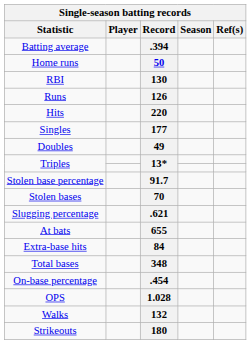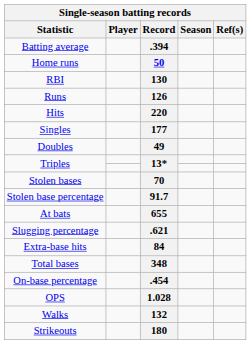 <table class="wikitable" style="text-align:center">
 <tr>
 <th colspan=5>Single-season batting records</th>
 </tr>
 <tr>
 <th scope="col">Statistic</th>
 <th scope="col">Player</th>
 <th scope="col" class="unsortable">Record</th>
 <th scope="col">Season</th>
 <th scope="col" class="unsortable">Ref(s)</th>
 </tr>
 <tr>
 <td><a href='#'>Batting average</a></td>
 <td></td>
 <th scope="row">.394</th>
 <td></td>
 <td></td>
 </tr>
 <tr>
 <td><a href='#'>Home runs</a></td>
 <td></td>
 <th scope="row"><a href='#'>50</a></th>
 <td></td>
 <td></td>
 </tr>
 <tr>
 <td><a href='#'>RBI</a></td>
 <td></td>
 <th scope="row">130</th>
 <td></td>
 <td></td>
 </tr>
 <tr>
 <td><a href='#'>Runs</a></td>
 <td></td>
 <th scope="row">126</th>
 <td></td>
 <td></td>
 </tr>
 <tr>
 <td><a href='#'>Hits</a></td>
 <td></td>
 <th scope="row">220</th>
 <td></td>
 <td></td>
 </tr>
 <tr>
 <td><a href='#'>Singles</a></td>
 <td></td>
 <th scope="row">177</th>
 <td></td>
 <td></td>
 </tr>
 <tr>
 <td><a href='#'>Doubles</a></td>
 <td></td>
 <th scope="row">49</th>
 <td></td>
 <td></td>
 </tr>
 <tr>
 <td rowspan=2><a href='#'>Triples</a></td>
 <td></td>
 <th scope="row" rowspan=2>13*</th>
 <td></td>
 <td></td>
 </tr>
 <tr>
 <td></td>
 <td></td>
 <td></td>
 </tr>
 <tr>
+<td><a href='#'>Stolen bases</a></td>
+<td></td>
+<th scope="row">70</th>
+<td></td>
+<td></td>
+</tr>
+<tr>
 <td><a href='#'>Stolen base percentage</a></td>
 <td></td>
 <th scope="row">91.7</th>
 <td></td>
 <td></td>
 </tr>
 <tr>
-<td><a href='#'>Stolen bases</a></td>
+<td><a href='#'>At bats</a></td>
 <td></td>
-<th scope="row">70</th>
+<th scope="row">655</th>
 <td></td>
 <td></td>
 </tr>
 <tr>
 <td><a href='#'>Slugging percentage</a></td>
 <td></td>
 <th scope="row">.621</th>
-<td></td>
-<td></td>
-</tr>
-<tr>
-<td><a href='#'>At bats</a></td>
-<td></td>
-<th scope="row">655</th>
 <td></td>
 <td></td>
 </tr>
 <tr>
 <td><a href='#'>Extra-base hits</a></td>
 <td></td>
 <th scope="row">84</th>
 <td></td>
 <td></td>
 </tr>
 <tr>
 <td><a href='#'>Total bases</a></td>
 <td></td>
 <th scope="row">348</th>
 <td></td>
 <td></td>
 </tr>
 <tr>
 <td><a href='#'>On-base percentage</a></td>
 <td></td>
 <th scope="row">.454</th>
 <td></td>
 <td></td>
 </tr>
 <tr>
 <td><a href='#'>OPS</a></td>
 <td></td>
 <th scope="row">1.028</th>
 <td></td>
 <td></td>
 </tr>
 <tr>
 <td><a href='#'>Walks</a></td>
 <td></td>
 <th scope="row">132</th>
 <td></td>
 <td></td>
 </tr>
 <tr>
 <td><a href='#'>Strikeouts</a></td>
 <td></td>
 <th scope="row">180</th>
 <td></td>
 <td></td>
 </tr>
 </table>
